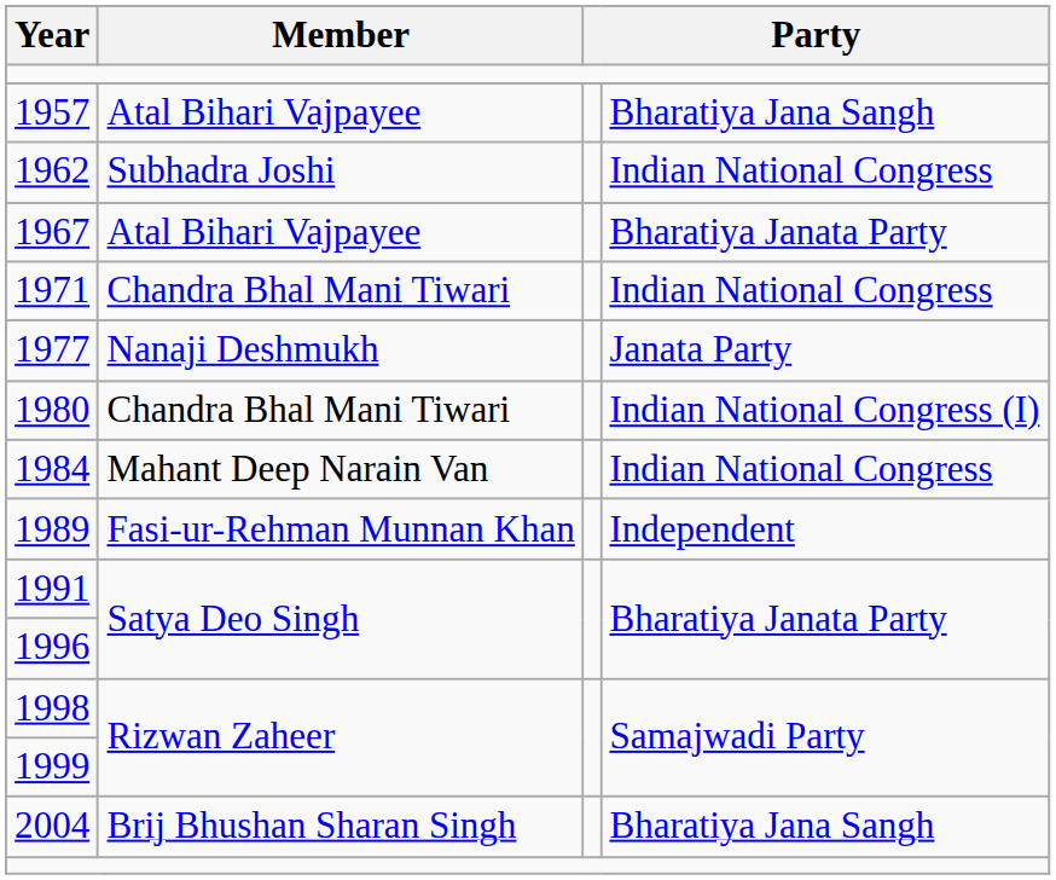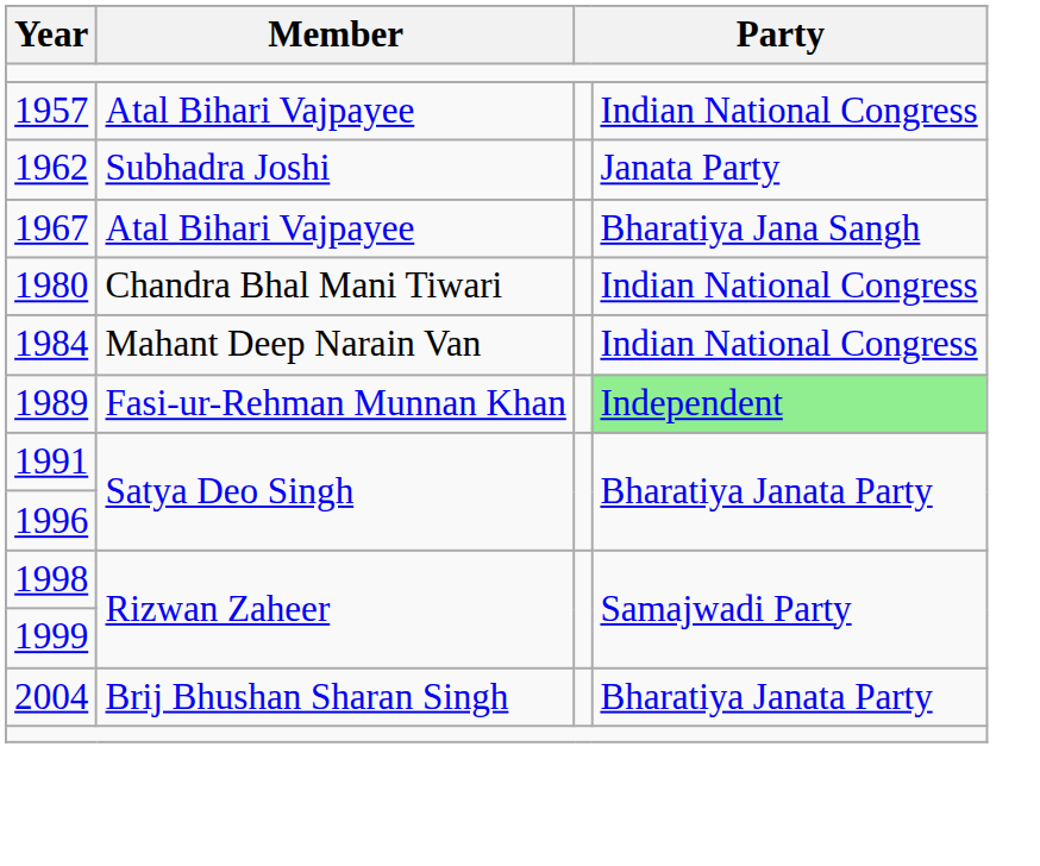 <table class="wikitable">
 <tr>
 <th>Year</th>
 <th>Member</th>
 <th colspan="2">Party</th>
 </tr>
 <tr>
 <td colspan="4"></td>
 </tr>
 <tr>
 <td><a href='#'>1957</a></td>
 <td><a href='#'>Atal Bihari Vajpayee</a></td>
 <td style="background-color:"></td>
-<td><a href='#'>Bharatiya Jana Sangh</a></td>
+<td><a href='#'>Indian National Congress</a></td>
 </tr>
 <tr>
 <td><a href='#'>1962</a></td>
 <td><a href='#'>Subhadra Joshi</a></td>
 <td style="background-color:"></td>
-<td><a href='#'>Indian National Congress</a></td>
+<td><a href='#'>Janata Party</a></td>
 </tr>
 <tr>
 <td><a href='#'>1967</a></td>
 <td><a href='#'>Atal Bihari Vajpayee</a></td>
 <td style="background-color:"></td>
-<td><a href='#'>Bharatiya Janata Party</a></td>
-</tr>
-<tr>
-<td><a href='#'>1971</a></td>
-<td><a href='#'>Chandra Bhal Mani Tiwari</a></td>
-<td style="background-color:"></td>
-<td><a href='#'>Indian National Congress</a></td>
-</tr>
-<tr>
-<td><a href='#'>1977</a></td>
-<td><a href='#'>Nanaji Deshmukh</a></td>
-<td style="background-color:"></td>
-<td><a href='#'>Janata Party</a></td>
+<td><a href='#'>Bharatiya Jana Sangh</a></td>
 </tr>
 <tr>
 <td><a href='#'>1980</a></td>
 <td>Chandra Bhal Mani Tiwari</td>
 <td style="background-color:"></td>
-<td><a href='#'>Indian National Congress (I) </a></td>
+<td><a href='#'>Indian National Congress</a></td>
 </tr>
 <tr>
 <td><a href='#'>1984</a></td>
 <td>Mahant Deep Narain Van</td>
 <td style="background-color:"></td>
 <td><a href='#'>Indian National Congress</a></td>
 </tr>
 <tr>
 <td><a href='#'>1989</a></td>
 <td><a href='#'>Fasi-ur-Rehman Munnan Khan</a></td>
 <td style="background-color:"></td>
-<td><a href='#'>Independent</a></td>
+<td style="background: lightgreen;"><a href='#'>Independent</a></td>
 </tr>
 <tr>
 <td><a href='#'>1991</a></td>
 <td rowspan="2"><a href='#'>Satya Deo Singh</a></td>
 <td rowspan="2" style="background-color:"></td>
 <td rowspan="2"><a href='#'>Bharatiya Janata Party</a></td>
 </tr>
 <tr>
 <td><a href='#'>1996</a></td>
 </tr>
 <tr>
 <td><a href='#'>1998</a></td>
 <td rowspan="2"><a href='#'>Rizwan Zaheer</a></td>
 <td rowspan="2" style="background-color:"></td>
 <td rowspan="2"><a href='#'>Samajwadi Party</a></td>
 </tr>
 <tr>
 <td><a href='#'>1999</a></td>
 </tr>
 <tr>
 <td><a href='#'>2004</a></td>
 <td><a href='#'>Brij Bhushan Sharan Singh</a></td>
 <td style="background-color:"></td>
-<td><a href='#'>Bharatiya Jana Sangh</a></td>
+<td><a href='#'>Bharatiya Janata Party</a></td>
 </tr>
 <tr>
 <td colspan="4"></td>
 </tr>
 </table>
